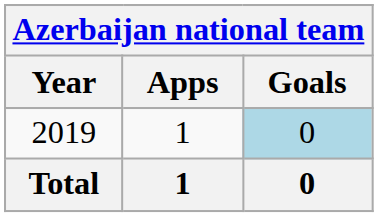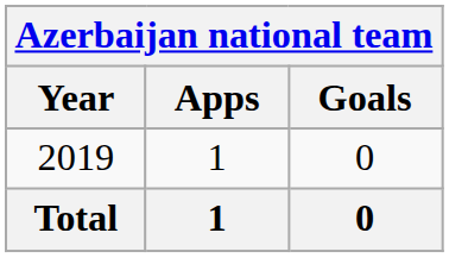 <table class="wikitable" style="text-align:center">
 <tr>
 <th colspan=3><a href='#'>Azerbaijan national team</a></th>
 </tr>
 <tr>
 <th>Year</th>
 <th>Apps</th>
 <th>Goals</th>
 </tr>
 <tr>
 <td>2019</td>
 <td>1</td>
-<td style="background: lightblue;">0</td>
+<td>0</td>
 </tr>
 <tr>
 <th>Total</th>
 <th>1</th>
 <th>0</th>
 </tr>
 </table>
